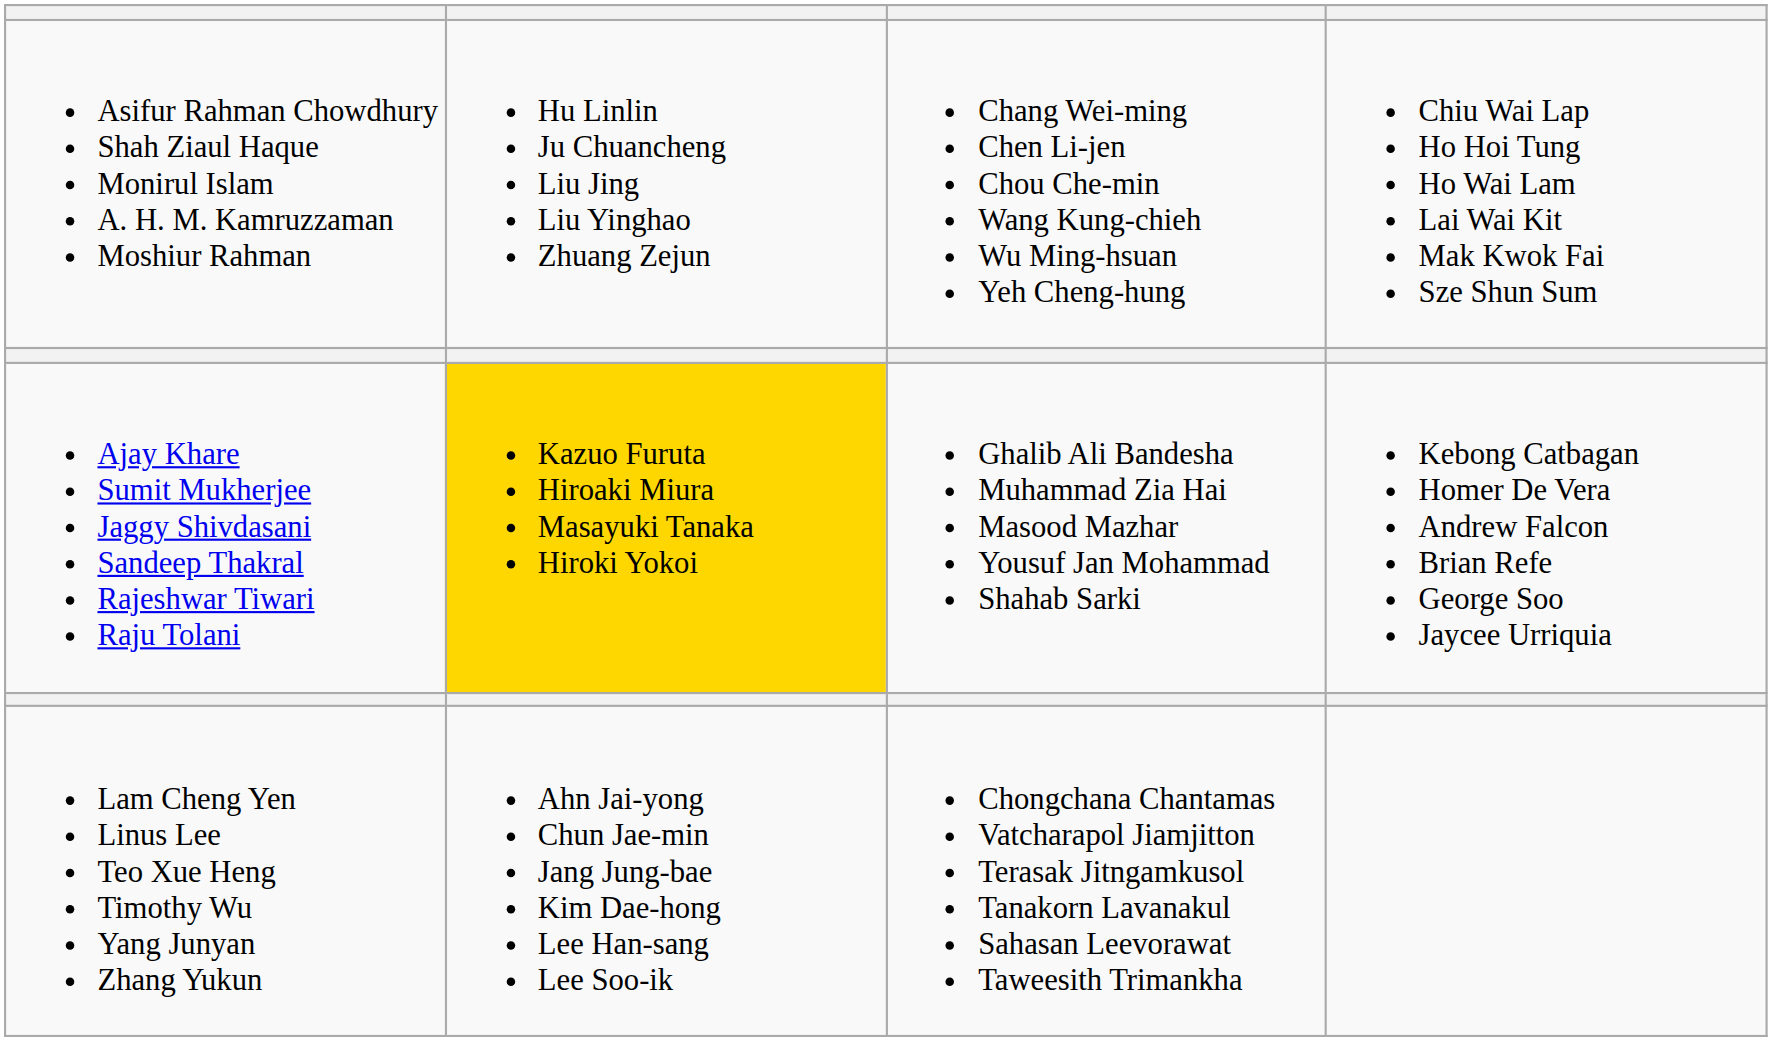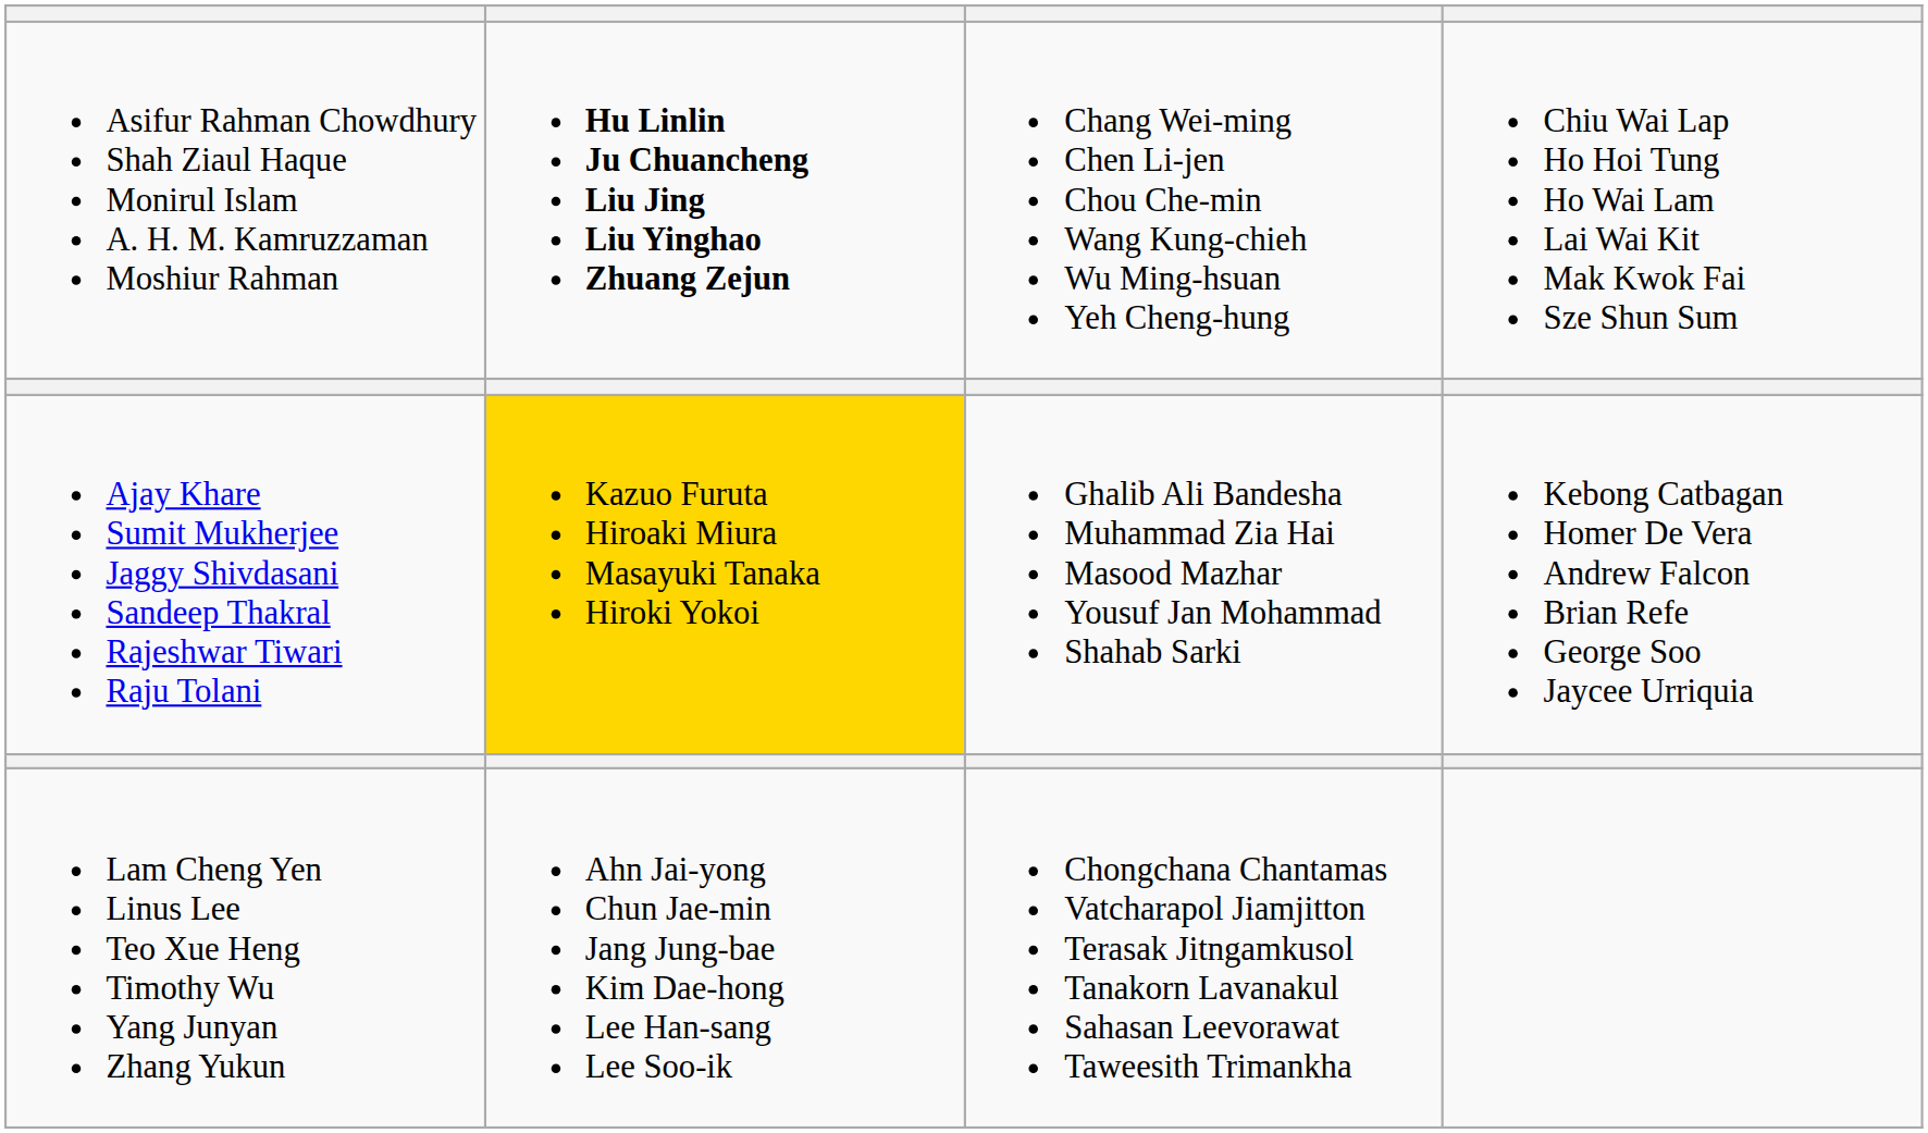 <table class="wikitable" style="font-size:90%">
 <tr>
 <th width=200></th>
 <th width=200></th>
 <th width=200></th>
 <th width=200></th>
 </tr>
 <tr>
 <td valign=top><br><ul><li>Asifur Rahman Chowdhury</li><li>Shah Ziaul Haque</li><li>Monirul Islam</li><li>A. H. M. Kamruzzaman</li><li>Moshiur Rahman</li></ul></td>
-<td valign=top><br><ul><li>Hu Linlin</li><li>Ju Chuancheng</li><li>Liu Jing</li><li>Liu Yinghao</li><li>Zhuang Zejun</li></ul></td>
+<td valign=top><strong><br><ul><li>Hu Linlin</li><li>Ju Chuancheng</li><li>Liu Jing</li><li>Liu Yinghao</li><li>Zhuang Zejun</li></ul></strong></td>
 <td valign=top><br><ul><li>Chang Wei-ming</li><li>Chen Li-jen</li><li>Chou Che-min</li><li>Wang Kung-chieh</li><li>Wu Ming-hsuan</li><li>Yeh Cheng-hung</li></ul></td>
 <td valign=top><br><ul><li>Chiu Wai Lap</li><li>Ho Hoi Tung</li><li>Ho Wai Lam</li><li>Lai Wai Kit</li><li>Mak Kwok Fai</li><li>Sze Shun Sum</li></ul></td>
 </tr>
 <tr>
 <th></th>
 <th></th>
 <th></th>
 <th></th>
 </tr>
 <tr>
 <td valign=top><br><ul><li><a href='#'>Ajay Khare</a></li><li><a href='#'>Sumit Mukherjee</a></li><li><a href='#'>Jaggy Shivdasani</a></li><li><a href='#'>Sandeep Thakral</a></li><li><a href='#'>Rajeshwar Tiwari</a></li><li><a href='#'>Raju Tolani</a></li></ul></td>
 <td valign=top style="background: gold;"><br><ul><li>Kazuo Furuta</li><li>Hiroaki Miura</li><li>Masayuki Tanaka</li><li>Hiroki Yokoi</li></ul></td>
 <td valign=top><br><ul><li>Ghalib Ali Bandesha</li><li>Muhammad Zia Hai</li><li>Masood Mazhar</li><li>Yousuf Jan Mohammad</li><li>Shahab Sarki</li></ul></td>
 <td valign=top><br><ul><li>Kebong Catbagan</li><li>Homer De Vera</li><li>Andrew Falcon</li><li>Brian Refe</li><li>George Soo</li><li>Jaycee Urriquia</li></ul></td>
 </tr>
 <tr>
 <th></th>
 <th></th>
 <th></th>
 <th></th>
 </tr>
 <tr>
 <td valign=top><br><ul><li>Lam Cheng Yen</li><li>Linus Lee</li><li>Teo Xue Heng</li><li>Timothy Wu</li><li>Yang Junyan</li><li>Zhang Yukun</li></ul></td>
 <td valign=top><br><ul><li>Ahn Jai-yong</li><li>Chun Jae-min</li><li>Jang Jung-bae</li><li>Kim Dae-hong</li><li>Lee Han-sang</li><li>Lee Soo-ik</li></ul></td>
 <td valign=top><br><ul><li>Chongchana Chantamas</li><li>Vatcharapol Jiamjitton</li><li>Terasak Jitngamkusol</li><li>Tanakorn Lavanakul</li><li>Sahasan Leevorawat</li><li>Taweesith Trimankha</li></ul></td>
 <td valign=top></td>
 </tr>
 </table>
